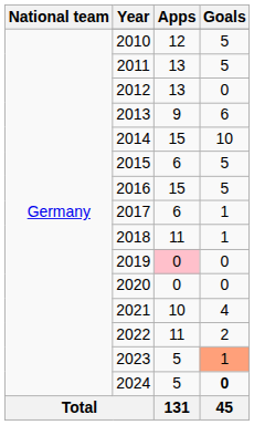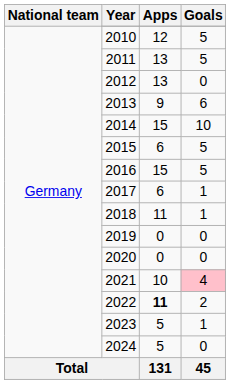 <table class="wikitable" style="text-align:center">
 <tr>
 <th>National team</th>
 <th>Year</th>
 <th>Apps</th>
 <th>Goals</th>
 </tr>
 <tr>
 <td rowspan="16"><a href='#'>Germany</a></td>
 </tr>
 <tr>
 <td>2010</td>
 <td>12</td>
 <td>5</td>
 </tr>
 <tr>
 <td>2011</td>
 <td>13</td>
 <td>5</td>
 </tr>
 <tr>
 <td>2012</td>
 <td>13</td>
 <td>0</td>
 </tr>
 <tr>
 <td>2013</td>
 <td>9</td>
 <td>6</td>
 </tr>
 <tr>
 <td>2014</td>
 <td>15</td>
 <td>10</td>
 </tr>
 <tr>
 <td>2015</td>
 <td>6</td>
 <td>5</td>
 </tr>
 <tr>
 <td>2016</td>
 <td>15</td>
 <td>5</td>
 </tr>
 <tr>
 <td>2017</td>
 <td>6</td>
 <td>1</td>
 </tr>
 <tr>
 <td>2018</td>
 <td>11</td>
 <td>1</td>
 </tr>
 <tr>
 <td>2019</td>
-<td style="background: pink;">0</td>
+<td>0</td>
 <td>0</td>
 </tr>
 <tr>
 <td>2020</td>
 <td>0</td>
 <td>0</td>
 </tr>
 <tr>
 <td>2021</td>
 <td>10</td>
-<td>4</td>
+<td style="background: pink;">4</td>
 </tr>
 <tr>
 <td>2022</td>
-<td>11</td>
+<td><strong>11</strong></td>
 <td>2</td>
 </tr>
 <tr>
 <td>2023</td>
 <td>5</td>
-<td style="background: lightsalmon;">1</td>
+<td>1</td>
 </tr>
 <tr>
 <td>2024</td>
 <td>5</td>
-<td><strong>0</strong></td>
+<td>0</td>
 </tr>
 <tr>
 <th colspan="2">Total</th>
 <th>131</th>
 <th>45</th>
 </tr>
 </table>
